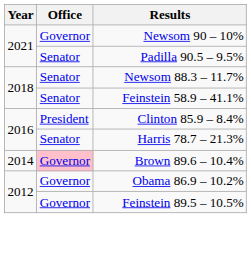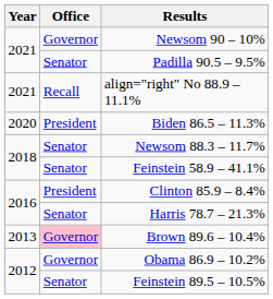 <table class=wikitable>
 <tr>
 <th width="30">Year</th>
 <th width="60">Office</th>
 <th width="180">Results</th>
 </tr>
 <tr>
 <td rowspan="2">2021</td>
 <td><a href='#'>Governor</a></td>
 <td align="right" ><a href='#'>Newsom</a> 90 – 10%</td>
 </tr>
 <tr>
 <td><a href='#'>Senator</a></td>
 <td align="right" ><a href='#'>Padilla</a> 90.5 – 9.5%</td>
+</tr>
+<tr>
+<td>2021</td>
+<td><a href='#'>Recall</a></td>
+<td>align="right"  No 88.9 – 11.1%</td>
+</tr>
+<tr>
+<td>2020</td>
+<td><a href='#'>President</a></td>
+<td align="right" ><a href='#'>Biden</a> 86.5 – 11.3%</td>
 </tr>
 <tr>
 <td rowspan="2">2018</td>
 <td><a href='#'>Senator</a></td>
 <td align="right" ><a href='#'>Newsom</a> 88.3 – 11.7%</td>
 </tr>
 <tr>
 <td><a href='#'>Senator</a></td>
 <td align="right" ><a href='#'>Feinstein</a> 58.9 – 41.1%</td>
 </tr>
 <tr>
 <td rowspan="2">2016</td>
 <td><a href='#'>President</a></td>
 <td align="right" ><a href='#'>Clinton</a> 85.9 – 8.4%</td>
 </tr>
 <tr>
 <td><a href='#'>Senator</a></td>
 <td align="right" ><a href='#'>Harris</a> 78.7 – 21.3%</td>
 </tr>
 <tr>
-<td>2014</td>
+<td>2013</td>
 <td style="background: pink;"><a href='#'>Governor</a></td>
 <td align="right" ><a href='#'>Brown</a> 89.6 – 10.4%</td>
 </tr>
 <tr>
 <td rowspan="2">2012</td>
 <td><a href='#'>Governor</a></td>
 <td align="right" ><a href='#'>Obama</a> 86.9 – 10.2%</td>
 </tr>
 <tr>
-<td><a href='#'>Governor</a></td>
+<td><a href='#'>Senator</a></td>
 <td align="right" ><a href='#'>Feinstein</a> 89.5 – 10.5%</td>
 </tr>
 </table>
